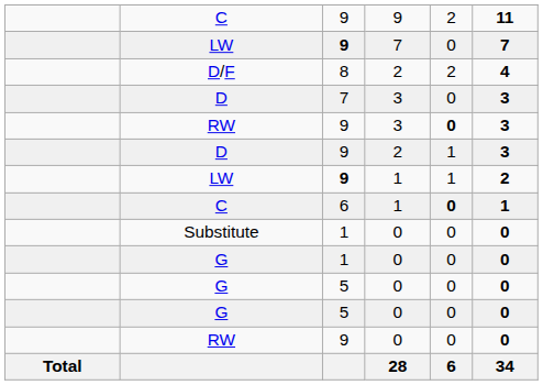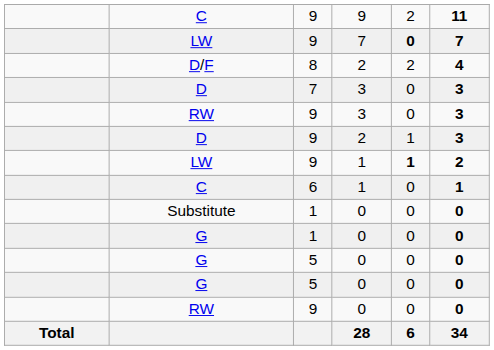 <table class="wikitable sortable" width ="40%">
 <tr align="center">
 </tr>
 <tr align="center" bgcolor="">
 <td></td>
 <td><a href='#'>C</a></td>
 <td>9</td>
 <td>9</td>
 <td>2</td>
 <td><strong>11</strong></td>
 </tr>
 <tr align="center" bgcolor="f0f0f0">
 <td></td>
 <td><a href='#'>LW</a></td>
-<td><strong>9</strong></td>
+<td>9</td>
 <td>7</td>
-<td>0</td>
+<td><strong>0</strong></td>
 <td><strong>7</strong></td>
 </tr>
 <tr align="center" bgcolor="">
 <td></td>
 <td><a href='#'>D</a>/<a href='#'>F</a></td>
 <td>8</td>
 <td>2</td>
 <td>2</td>
 <td><strong>4</strong></td>
 </tr>
 <tr align="center" bgcolor="f0f0f0">
 <td></td>
 <td><a href='#'>D</a></td>
 <td>7</td>
 <td>3</td>
 <td>0</td>
 <td><strong>3</strong></td>
 </tr>
 <tr align="center" bgcolor="">
 <td></td>
 <td><a href='#'>RW</a></td>
 <td>9</td>
 <td>3</td>
-<td><strong>0</strong></td>
+<td>0</td>
 <td><strong>3</strong></td>
 </tr>
 <tr align="center" bgcolor="f0f0f0">
 <td></td>
 <td><a href='#'>D</a></td>
 <td>9</td>
 <td>2</td>
 <td>1</td>
 <td><strong>3</strong></td>
 </tr>
 <tr align="center" bgcolor="">
 <td></td>
 <td><a href='#'>LW</a></td>
-<td><strong>9</strong></td>
+<td>9</td>
 <td>1</td>
-<td>1</td>
+<td><strong>1</strong></td>
 <td><strong>2</strong></td>
 </tr>
 <tr align="center" bgcolor="f0f0f0">
 <td></td>
 <td><a href='#'>C</a></td>
 <td>6</td>
 <td>1</td>
-<td><strong>0</strong></td>
+<td>0</td>
 <td><strong>1</strong></td>
 </tr>
 <tr align="center" bgcolor="">
 <td></td>
 <td>Substitute</td>
 <td>1</td>
 <td>0</td>
 <td>0</td>
 <td><strong>0</strong></td>
 </tr>
 <tr align="center" bgcolor="f0f0f0">
 <td></td>
 <td><a href='#'>G</a></td>
 <td>1</td>
 <td>0</td>
 <td>0</td>
 <td><strong>0</strong></td>
 </tr>
 <tr align="center" bgcolor="">
 <td></td>
 <td><a href='#'>G</a></td>
 <td>5</td>
 <td>0</td>
 <td>0</td>
 <td><strong>0</strong></td>
 </tr>
 <tr align="center" bgcolor="f0f0f0">
 <td></td>
 <td><a href='#'>G</a></td>
 <td>5</td>
 <td>0</td>
 <td>0</td>
 <td><strong>0</strong></td>
 </tr>
 <tr align="center" bgcolor="">
 <td></td>
 <td><a href='#'>RW</a></td>
 <td>9</td>
 <td>0</td>
 <td>0</td>
 <td><strong>0</strong></td>
 </tr>
 <tr>
 <th>Total</th>
 <th></th>
 <th></th>
 <th>28</th>
 <th>6</th>
 <th>34</th>
 </tr>
 </table>
